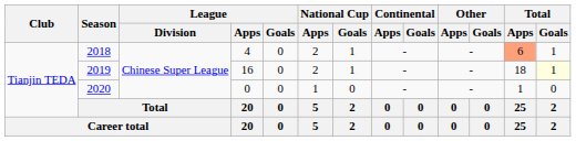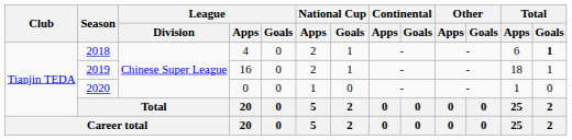 <table class="wikitable" style="text-align: center">
 <tr>
 <th rowspan="2">Club</th>
 <th rowspan="2">Season</th>
 <th colspan="3">League</th>
 <th colspan="2">National Cup</th>
 <th colspan="2">Continental</th>
 <th colspan="2">Other</th>
 <th colspan="2">Total</th>
 </tr>
 <tr>
 <th>Division</th>
 <th>Apps</th>
 <th>Goals</th>
 <th>Apps</th>
 <th>Goals</th>
 <th>Apps</th>
 <th>Goals</th>
 <th>Apps</th>
 <th>Goals</th>
 <th>Apps</th>
 <th>Goals</th>
 </tr>
 <tr>
 <td rowspan=4><a href='#'>Tianjin TEDA</a></td>
 <td><a href='#'>2018</a></td>
 <td rowspan=3><a href='#'>Chinese Super League</a></td>
 <td>4</td>
 <td>0</td>
 <td>2</td>
 <td>1</td>
 <td colspan="2">-</td>
 <td colspan="2">-</td>
-<td style="background: lightsalmon;">6</td>
-<td>1</td>
+<td>6</td>
+<td><strong>1</strong></td>
 </tr>
 <tr>
 <td><a href='#'>2019</a></td>
 <td>16</td>
 <td>0</td>
 <td>2</td>
 <td>1</td>
 <td colspan="2">-</td>
 <td colspan="2">-</td>
 <td>18</td>
-<td style="background: lightyellow;">1</td>
+<td>1</td>
 </tr>
 <tr>
 <td><a href='#'>2020</a></td>
 <td>0</td>
 <td>0</td>
 <td>1</td>
 <td>0</td>
 <td colspan="2">-</td>
 <td colspan="2">-</td>
 <td>1</td>
 <td>0</td>
 </tr>
 <tr>
 <th colspan=2>Total</th>
 <th>20</th>
 <th>0</th>
 <th>5</th>
 <th>2</th>
 <th>0</th>
 <th>0</th>
 <th>0</th>
 <th>0</th>
 <th>25</th>
 <th>2</th>
 </tr>
 <tr>
 <th colspan=3>Career total</th>
 <th>20</th>
 <th>0</th>
 <th>5</th>
 <th>2</th>
 <th>0</th>
 <th>0</th>
 <th>0</th>
 <th>0</th>
 <th>25</th>
 <th>2</th>
 </tr>
 </table>
